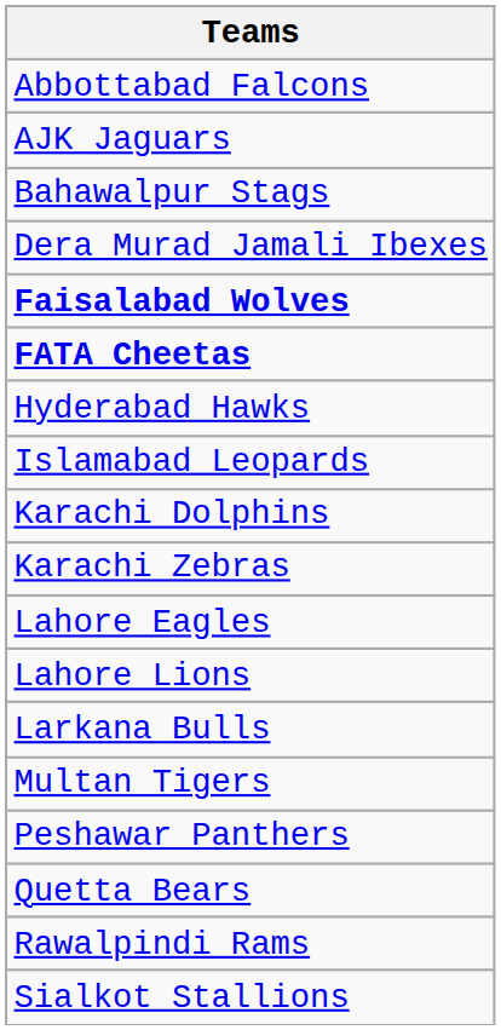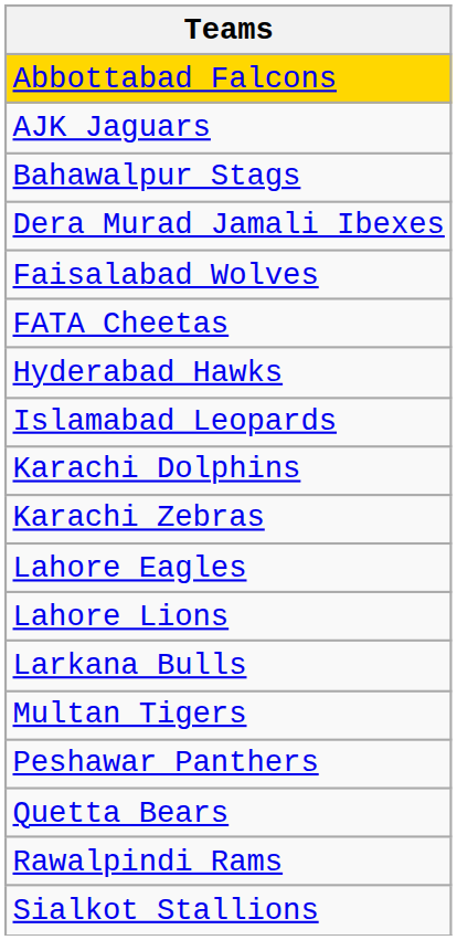 <table class="wikitable">
 <tr>
 <th>Teams</th>
 </tr>
 <tr>
-<td><a href='#'>Abbottabad Falcons</a></td>
+<td style="background: gold;"><a href='#'>Abbottabad Falcons</a></td>
 </tr>
 <tr>
 <td><a href='#'>AJK Jaguars</a></td>
 </tr>
 <tr>
 <td><a href='#'>Bahawalpur Stags</a></td>
 </tr>
 <tr>
 <td><a href='#'>Dera Murad Jamali Ibexes</a></td>
 </tr>
 <tr>
-<td><strong><a href='#'>Faisalabad Wolves</a></strong></td>
+<td><a href='#'>Faisalabad Wolves</a></td>
 </tr>
 <tr>
-<td><strong><a href='#'>FATA Cheetas</a></strong></td>
+<td><a href='#'>FATA Cheetas</a></td>
 </tr>
 <tr>
 <td><a href='#'>Hyderabad Hawks</a></td>
 </tr>
 <tr>
 <td><a href='#'>Islamabad Leopards</a></td>
 </tr>
 <tr>
 <td><a href='#'>Karachi Dolphins</a></td>
 </tr>
 <tr>
 <td><a href='#'>Karachi Zebras</a></td>
 </tr>
 <tr>
 <td><a href='#'>Lahore Eagles</a></td>
 </tr>
 <tr>
 <td><a href='#'>Lahore Lions</a></td>
 </tr>
 <tr>
 <td><a href='#'>Larkana Bulls</a></td>
 </tr>
 <tr>
 <td><a href='#'>Multan Tigers</a></td>
 </tr>
 <tr>
 <td><a href='#'>Peshawar Panthers</a></td>
 </tr>
 <tr>
 <td><a href='#'>Quetta Bears</a></td>
 </tr>
 <tr>
 <td><a href='#'>Rawalpindi Rams</a></td>
 </tr>
 <tr>
 <td><a href='#'>Sialkot Stallions</a></td>
 </tr>
 <tr>
 </tr>
 </table>
